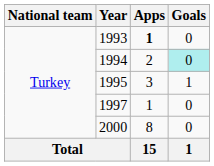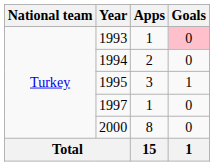 <table class="wikitable" style="text-align:center">
 <tr>
 <th>National team</th>
 <th>Year</th>
 <th>Apps</th>
 <th>Goals</th>
 </tr>
 <tr>
 <td rowspan="5"><a href='#'>Turkey</a></td>
 <td>1993</td>
-<td><strong>1</strong></td>
-<td>0</td>
+<td>1</td>
+<td style="background: pink;">0</td>
 </tr>
 <tr>
 <td>1994</td>
 <td>2</td>
-<td style="background: paleturquoise;">0</td>
+<td>0</td>
 </tr>
 <tr>
 <td>1995</td>
 <td>3</td>
 <td>1</td>
 </tr>
 <tr>
 <td>1997</td>
 <td>1</td>
 <td>0</td>
 </tr>
 <tr>
 <td>2000</td>
 <td>8</td>
 <td>0</td>
 </tr>
 <tr>
 <th colspan="2">Total</th>
 <th>15</th>
 <th>1</th>
 </tr>
 </table>
